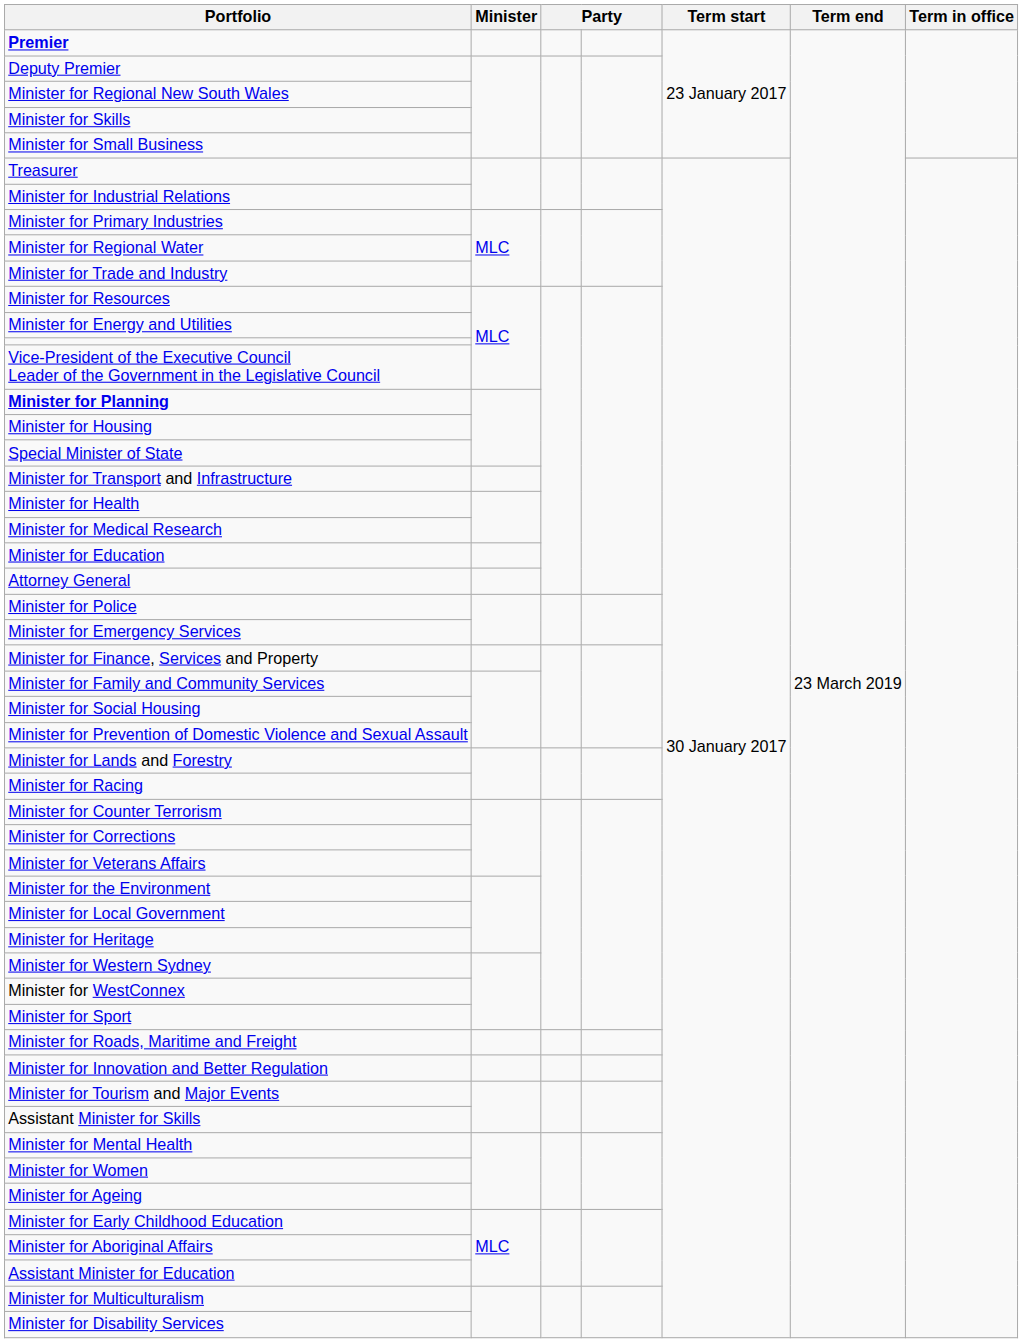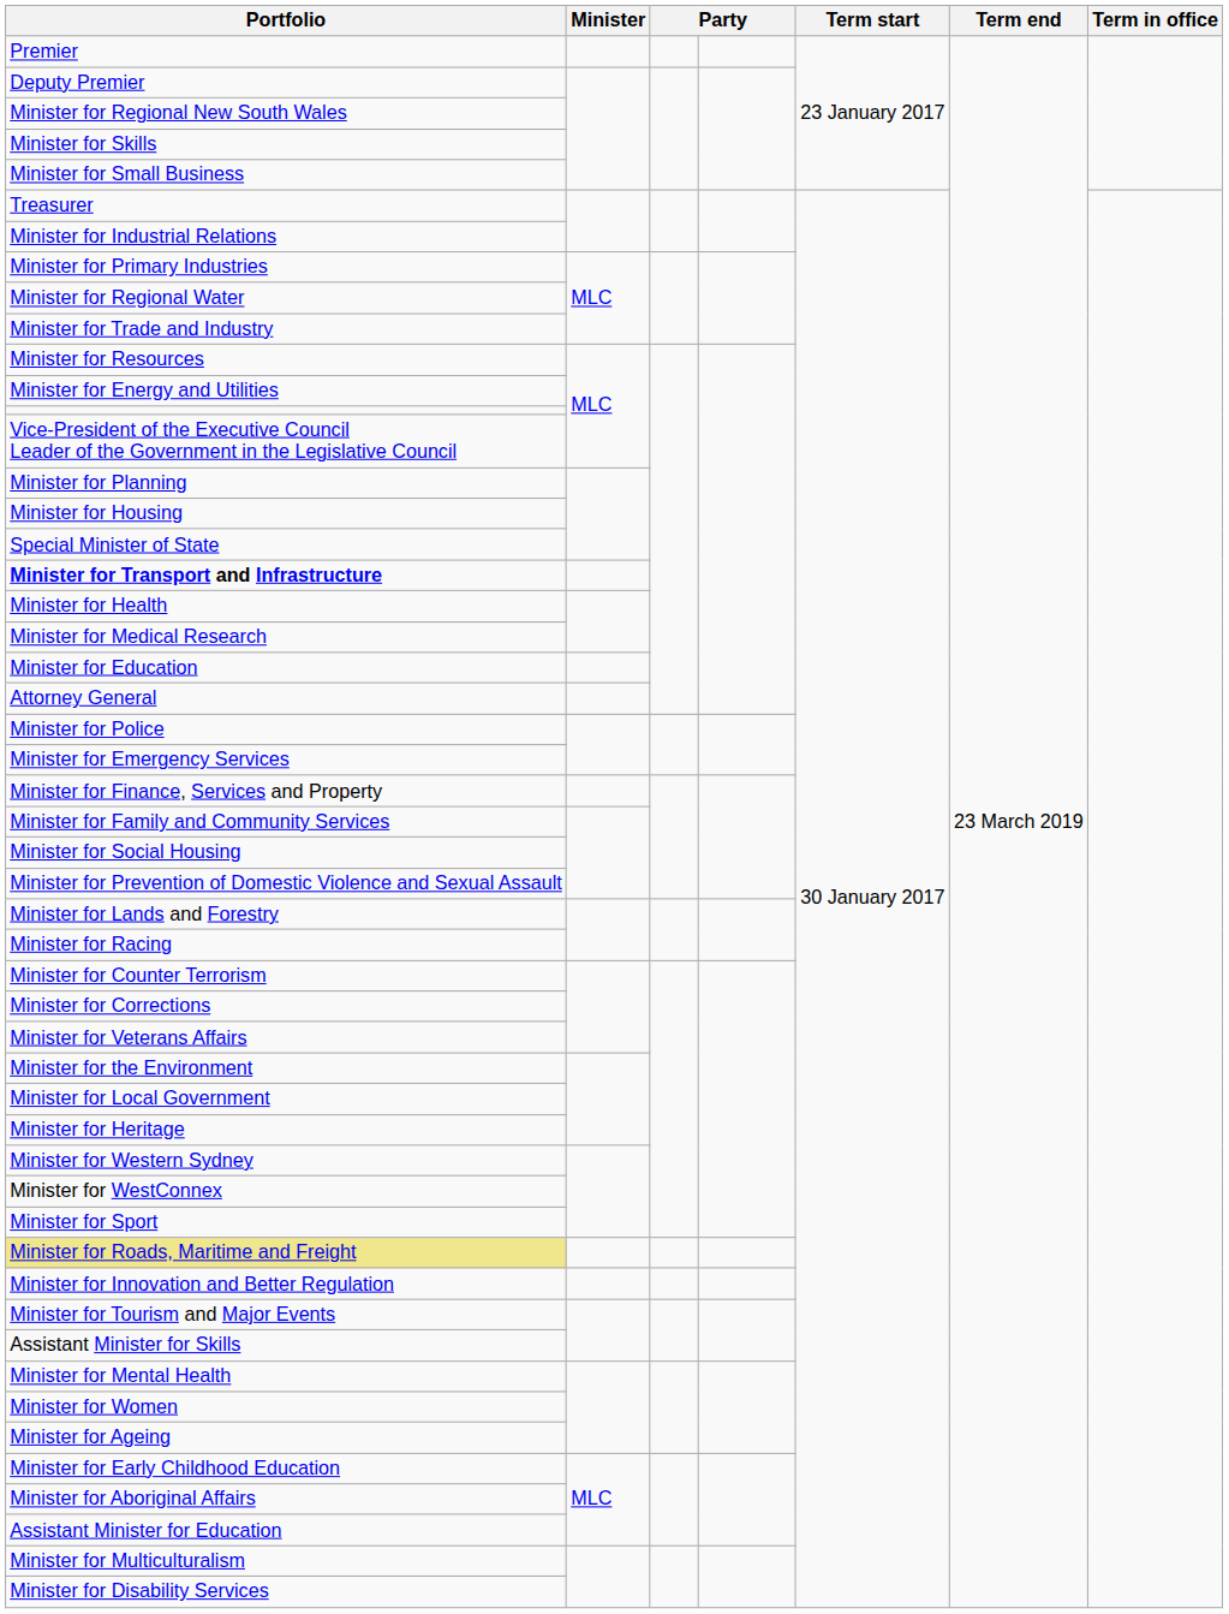 <table class="wikitable sortable">
 <tr>
 <th>Portfolio</th>
 <th>Minister</th>
 <th colspan=2>Party</th>
 <th>Term start</th>
 <th>Term end</th>
 <th>Term in office</th>
 </tr>
 <tr>
-<td><strong><a href='#'>Premier</a></strong></td>
+<td><a href='#'>Premier</a></td>
 <td></td>
 <td> </td>
 <td width=8%></td>
 <td rowspan=5 align=center>23 January 2017</td>
 <td rowspan=51 align=center>23 March 2019</td>
 <td rowspan=5 align=right></td>
 </tr>
 <tr>
 <td><a href='#'>Deputy Premier</a></td>
 <td rowspan=4></td>
 <td rowspan=4 > </td>
 <td rowspan=4></td>
 </tr>
 <tr>
 <td><a href='#'>Minister for Regional New South Wales</a></td>
 </tr>
 <tr>
 <td><a href='#'>Minister for Skills</a></td>
 </tr>
 <tr>
 <td><a href='#'>Minister for Small Business</a></td>
 </tr>
 <tr>
 <td><a href='#'>Treasurer</a></td>
 <td rowspan=2></td>
 <td rowspan=2 > </td>
 <td rowspan=2></td>
 <td rowspan=46 align=center>30 January 2017</td>
 <td rowspan=46 align=right></td>
 </tr>
 <tr>
 <td><a href='#'>Minister for Industrial Relations</a></td>
 </tr>
 <tr>
 <td><a href='#'>Minister for Primary Industries</a></td>
 <td rowspan=3> <a href='#'>MLC</a></td>
 <td rowspan=3 > </td>
 <td rowspan=3></td>
 </tr>
 <tr>
 <td><a href='#'>Minister for Regional Water</a></td>
 </tr>
 <tr>
 <td><a href='#'>Minister for Trade and Industry</a></td>
 </tr>
 <tr>
 <td><a href='#'>Minister for Resources</a></td>
 <td rowspan=4> <a href='#'>MLC</a></td>
 <td rowspan=12 > </td>
 <td rowspan=12></td>
 </tr>
 <tr>
 <td><a href='#'>Minister for Energy and Utilities</a></td>
 </tr>
 <tr>
 <td></td>
 </tr>
 <tr>
 <td><a href='#'>Vice-President of the Executive Council</a><br><a href='#'>Leader of the Government in the Legislative Council</a></td>
 </tr>
 <tr>
-<td><strong><a href='#'>Minister for Planning</a></strong></td>
+<td><a href='#'>Minister for Planning</a></td>
 <td rowspan=3></td>
 </tr>
 <tr>
 <td><a href='#'>Minister for Housing</a></td>
 </tr>
 <tr>
 <td><a href='#'>Special Minister of State</a></td>
 </tr>
 <tr>
-<td><a href='#'>Minister for Transport</a> and <a href='#'>Infrastructure</a></td>
+<td><strong><a href='#'>Minister for Transport</a> and <a href='#'>Infrastructure</a></strong></td>
 <td></td>
 </tr>
 <tr>
 <td><a href='#'>Minister for Health</a></td>
 <td rowspan=2></td>
 </tr>
 <tr>
 <td><a href='#'>Minister for Medical Research</a></td>
 </tr>
 <tr>
 <td><a href='#'>Minister for Education</a></td>
 <td></td>
 </tr>
 <tr>
 <td><a href='#'>Attorney General</a></td>
 <td></td>
 </tr>
 <tr>
 <td><a href='#'>Minister for Police</a></td>
 <td rowspan=2></td>
 <td rowspan=2 > </td>
 <td rowspan=2></td>
 </tr>
 <tr>
 <td><a href='#'>Minister for Emergency Services</a></td>
 </tr>
 <tr>
 <td><a href='#'>Minister for Finance</a>, <a href='#'>Services</a> and Property</td>
 <td></td>
 <td rowspan=4 > </td>
 <td rowspan=4></td>
 </tr>
 <tr>
 <td><a href='#'>Minister for Family and Community Services</a></td>
 <td rowspan=3></td>
 </tr>
 <tr>
 <td><a href='#'>Minister for Social Housing</a></td>
 </tr>
 <tr>
 <td><a href='#'>Minister for Prevention of Domestic Violence and Sexual Assault</a></td>
 </tr>
 <tr>
 <td><a href='#'>Minister for Lands</a> and <a href='#'>Forestry</a></td>
 <td rowspan=2></td>
 <td rowspan=2 > </td>
 <td rowspan=2></td>
 </tr>
 <tr>
 <td><a href='#'>Minister for Racing</a></td>
 </tr>
 <tr>
 <td><a href='#'>Minister for Counter Terrorism</a></td>
 <td rowspan=3></td>
 <td rowspan=9 > </td>
 <td rowspan=9></td>
 </tr>
 <tr>
 <td><a href='#'>Minister for Corrections</a></td>
 </tr>
 <tr>
 <td><a href='#'>Minister for Veterans Affairs</a></td>
 </tr>
 <tr>
 <td><a href='#'>Minister for the Environment</a></td>
 <td rowspan=3></td>
 </tr>
 <tr>
 <td><a href='#'>Minister for Local Government</a></td>
 </tr>
 <tr>
 <td><a href='#'>Minister for Heritage</a></td>
 </tr>
 <tr>
 <td><a href='#'>Minister for Western Sydney</a></td>
 <td rowspan=3></td>
 </tr>
 <tr>
 <td>Minister for <a href='#'>WestConnex</a></td>
 </tr>
 <tr>
 <td><a href='#'>Minister for Sport</a></td>
 </tr>
 <tr>
-<td><a href='#'>Minister for Roads, Maritime and Freight</a></td>
+<td style="background: khaki;"><a href='#'>Minister for Roads, Maritime and Freight</a></td>
 <td></td>
 <td> </td>
 <td></td>
 </tr>
 <tr>
 <td><a href='#'>Minister for Innovation and Better Regulation</a></td>
 <td></td>
 <td> </td>
 <td></td>
 </tr>
 <tr>
 <td><a href='#'>Minister for Tourism</a> and <a href='#'>Major Events</a></td>
 <td rowspan=2></td>
 <td rowspan=2 > </td>
 <td rowspan=2></td>
 </tr>
 <tr>
 <td>Assistant <a href='#'>Minister for Skills</a></td>
 </tr>
 <tr>
 <td><a href='#'>Minister for Mental Health</a></td>
 <td rowspan=3></td>
 <td rowspan=3 > </td>
 <td rowspan=3></td>
 </tr>
 <tr>
 <td><a href='#'>Minister for Women</a></td>
 </tr>
 <tr>
 <td><a href='#'>Minister for Ageing</a></td>
 </tr>
 <tr>
 <td><a href='#'>Minister for Early Childhood Education</a></td>
 <td rowspan=3> <a href='#'>MLC</a></td>
 <td rowspan=3 > </td>
 <td rowspan=3></td>
 </tr>
 <tr>
 <td><a href='#'>Minister for Aboriginal Affairs</a></td>
 </tr>
 <tr>
 <td><a href='#'>Assistant Minister for Education</a></td>
 </tr>
 <tr>
 <td><a href='#'>Minister for Multiculturalism</a></td>
 <td rowspan=2></td>
 <td rowspan=2 > </td>
 <td rowspan=2></td>
 </tr>
 <tr>
 <td><a href='#'>Minister for Disability Services</a></td>
 </tr>
 </table>
